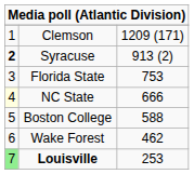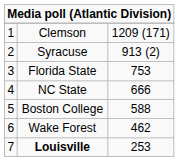 <table class="wikitable" style="display: inline-table;">
 <tr>
 <td align="center" Colspan="3"><strong>Media poll (Atlantic Division)</strong></td>
 </tr>
 <tr align="center">
 </tr>
 <tr align="center">
 <td>1</td>
 <td>Clemson</td>
 <td>1209 (171)</td>
 </tr>
 <tr align="center">
-<td><strong>2</strong></td>
+<td>2</td>
 <td>Syracuse</td>
 <td>913 (2)</td>
 </tr>
 <tr align="center">
 <td>3</td>
 <td>Florida State</td>
 <td>753</td>
 </tr>
 <tr align="center">
-<td style="background: lightyellow;">4</td>
+<td>4</td>
 <td>NC State</td>
 <td>666</td>
 </tr>
 <tr align="center">
 <td>5</td>
 <td>Boston College</td>
 <td>588</td>
 </tr>
 <tr align="center">
 <td>6</td>
 <td>Wake Forest</td>
 <td>462</td>
 </tr>
 <tr align="center">
-<td style="background: lightgreen;">7</td>
+<td>7</td>
 <td><strong>Louisville</strong></td>
 <td>253</td>
 </tr>
 </table>
